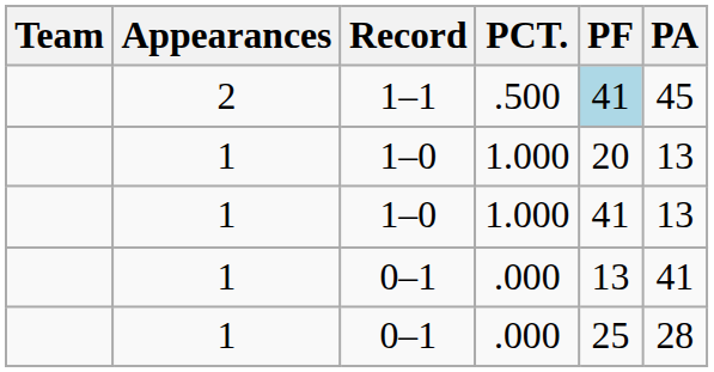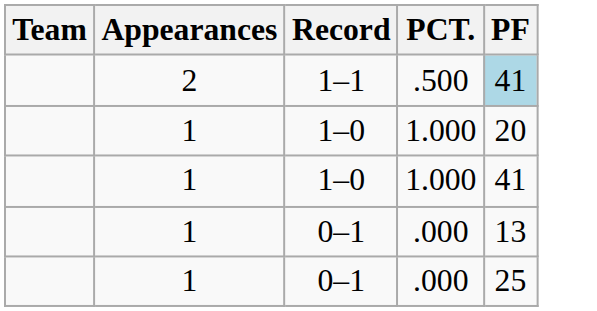 <table class = "wikitable sortable" style="text-align:center;">
 <tr>
 <th>Team</th>
 <th>Appearances</th>
 <th>Record</th>
 <th>PCT.</th>
 <th>PF</th>
-<th>PA</th>
 </tr>
 <tr>
 <td><a href='#'></a></td>
 <td>2</td>
 <td>1–1</td>
 <td>.500</td>
 <td style="background: lightblue;">41</td>
-<td>45</td>
 </tr>
 <tr>
 <td><a href='#'></a></td>
 <td>1</td>
 <td>1–0</td>
 <td>1.000</td>
 <td>20</td>
-<td>13</td>
 </tr>
 <tr>
 <td><a href='#'></a></td>
 <td>1</td>
 <td>1–0</td>
 <td>1.000</td>
 <td>41</td>
+</tr>
+<tr>
+<td><a href='#'></a></td>
+<td>1</td>
+<td>0–1</td>
+<td>.000</td>
 <td>13</td>
 </tr>
 <tr>
 <td><a href='#'></a></td>
 <td>1</td>
 <td>0–1</td>
 <td>.000</td>
-<td>13</td>
-<td>41</td>
-</tr>
-<tr>
-<td><a href='#'></a></td>
-<td>1</td>
-<td>0–1</td>
-<td>.000</td>
 <td>25</td>
-<td>28</td>
 </tr>
 </table>
